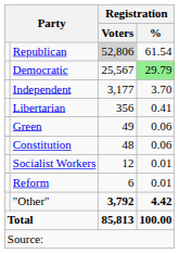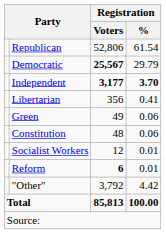 <table class="wikitable">
 <tr>
 <th colspan="2" rowspan="2">Party</th>
 <th colspan="2">Registration</th>
 </tr>
 <tr>
 <th>Voters</th>
 <th>%</th>
 </tr>
 <tr>
 <td style="background-color:"></td>
 <td><a href='#'>Republican</a></td>
-<td style="background: lightgrey; text-align:right;">52,806</td>
+<td style="text-align:right;">52,806</td>
 <td style="text-align:right;">61.54</td>
 </tr>
 <tr>
 <td style="background-color:"></td>
 <td><a href='#'>Democratic</a></td>
-<td style="text-align:right;">25,567</td>
-<td style="background: lightgreen; text-align:right;">29.79</td>
+<td style="text-align:right;"><strong>25,567</strong></td>
+<td style="text-align:right;">29.79</td>
 </tr>
 <tr>
 <td style="background-color:"></td>
 <td><a href='#'>Independent</a></td>
-<td style="text-align:right;">3,177</td>
-<td style="text-align:right;">3.70</td>
+<td style="text-align:right;"><strong>3,177</strong></td>
+<td style="text-align:right;"><strong>3.70</strong></td>
 </tr>
 <tr>
 <td style="background-color:"></td>
 <td><a href='#'>Libertarian</a></td>
 <td style="text-align:right;">356</td>
 <td style="text-align:right;">0.41</td>
 </tr>
 <tr>
 <td style="background-color:"></td>
 <td><a href='#'>Green</a></td>
 <td style="text-align:right;">49</td>
 <td style="text-align:right;">0.06</td>
 </tr>
 <tr>
 <td style="background-color:"></td>
 <td><a href='#'>Constitution</a></td>
 <td style="text-align:right;">48</td>
 <td style="text-align:right;">0.06</td>
 </tr>
 <tr>
 <td style="background-color:"></td>
 <td><a href='#'>Socialist Workers</a></td>
 <td style="text-align:right;">12</td>
 <td style="text-align:right;">0.01</td>
 </tr>
 <tr>
 <td style="background-color:"></td>
 <td><a href='#'>Reform</a></td>
-<td style="text-align:right;">6</td>
+<td style="text-align:right;"><strong>6</strong></td>
 <td style="text-align:right;">0.01</td>
 </tr>
 <tr>
 <td></td>
 <td>"Other"</td>
-<td style="text-align:right;"><strong>3,792</strong></td>
-<td style="text-align:right;"><strong>4.42</strong></td>
+<td style="text-align:right;">3,792</td>
+<td style="text-align:right;">4.42</td>
 </tr>
 <tr>
 <td colspan="2"><strong>Total</strong></td>
 <td style="text-align:right;"><strong>85,813</strong></td>
 <td style="text-align:right;"><strong>100.00</strong></td>
 </tr>
 <tr>
 <td colspan="4">Source: <em></em></td>
 </tr>
 </table>
